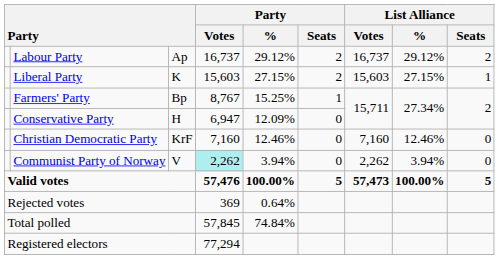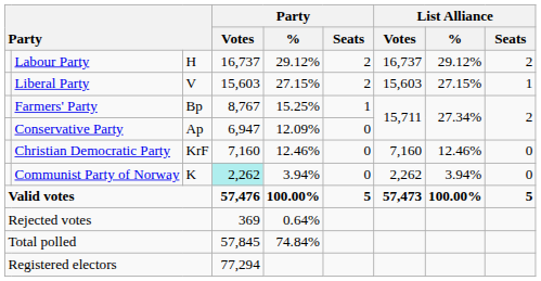 <table class="wikitable" border="1" style="text-align:right;">
 <tr>
 <th style="text-align:left;" valign=bottom rowspan=2 colspan=3>Party</th>
 <th colspan=3>Party</th>
 <th colspan=3>List Alliance</th>
 </tr>
 <tr>
 <th align=center valign=bottom width="50">Votes</th>
 <th align=center valign=bottom width="50">%</th>
 <th align=center valign=bottom width="50">Seats</th>
 <th align=center valign=bottom width="50">Votes</th>
 <th align=center valign=bottom width="50">%</th>
 <th align=center valign=bottom width="50">Seats</th>
 </tr>
 <tr>
 <td style="color:inherit;background:"></td>
 <td align=left><a href='#'>Labour Party</a></td>
-<td align=left>Ap</td>
+<td align=left>H</td>
 <td>16,737</td>
 <td>29.12%</td>
 <td>2</td>
 <td>16,737</td>
 <td>29.12%</td>
 <td>2</td>
 </tr>
 <tr>
 <td style="color:inherit;background:"></td>
 <td align=left><a href='#'>Liberal Party</a></td>
-<td align=left>K</td>
+<td align=left>V</td>
 <td>15,603</td>
 <td>27.15%</td>
 <td>2</td>
 <td>15,603</td>
 <td>27.15%</td>
 <td>1</td>
 </tr>
 <tr>
 <td style="color:inherit;background:"></td>
 <td align=left><a href='#'>Farmers' Party</a></td>
 <td align=left>Bp</td>
 <td>8,767</td>
 <td>15.25%</td>
 <td>1</td>
 <td rowspan=2>15,711</td>
 <td rowspan=2>27.34%</td>
 <td rowspan=2>2</td>
 </tr>
 <tr>
 <td style="color:inherit;background:"></td>
 <td align=left><a href='#'>Conservative Party</a></td>
-<td align=left>H</td>
+<td align=left>Ap</td>
 <td>6,947</td>
 <td>12.09%</td>
 <td>0</td>
 </tr>
 <tr>
 <td style="color:inherit;background:"></td>
 <td align=left><a href='#'>Christian Democratic Party</a></td>
 <td align=left>KrF</td>
 <td>7,160</td>
 <td>12.46%</td>
 <td>0</td>
 <td>7,160</td>
 <td>12.46%</td>
 <td>0</td>
 </tr>
 <tr>
 <td style="color:inherit;background:"></td>
 <td align=left><a href='#'>Communist Party of Norway</a></td>
-<td align=left>V</td>
+<td align=left>K</td>
 <td style="background: paleturquoise;">2,262</td>
 <td>3.94%</td>
 <td>0</td>
 <td>2,262</td>
 <td>3.94%</td>
 <td>0</td>
 </tr>
 <tr style="font-weight:bold">
 <td align=left colspan=3>Valid votes</td>
 <td>57,476</td>
 <td>100.00%</td>
 <td>5</td>
 <td>57,473</td>
 <td>100.00%</td>
 <td>5</td>
 </tr>
 <tr>
 <td align=left colspan=3>Rejected votes</td>
 <td>369</td>
 <td>0.64%</td>
 <td></td>
 <td></td>
 <td></td>
 <td></td>
 </tr>
 <tr>
 <td align=left colspan=3>Total polled</td>
 <td>57,845</td>
 <td>74.84%</td>
 <td></td>
 <td></td>
 <td></td>
 <td></td>
 </tr>
 <tr>
 <td align=left colspan=3>Registered electors</td>
 <td>77,294</td>
 <td></td>
 <td></td>
 <td></td>
 <td></td>
 <td></td>
 </tr>
 </table>
